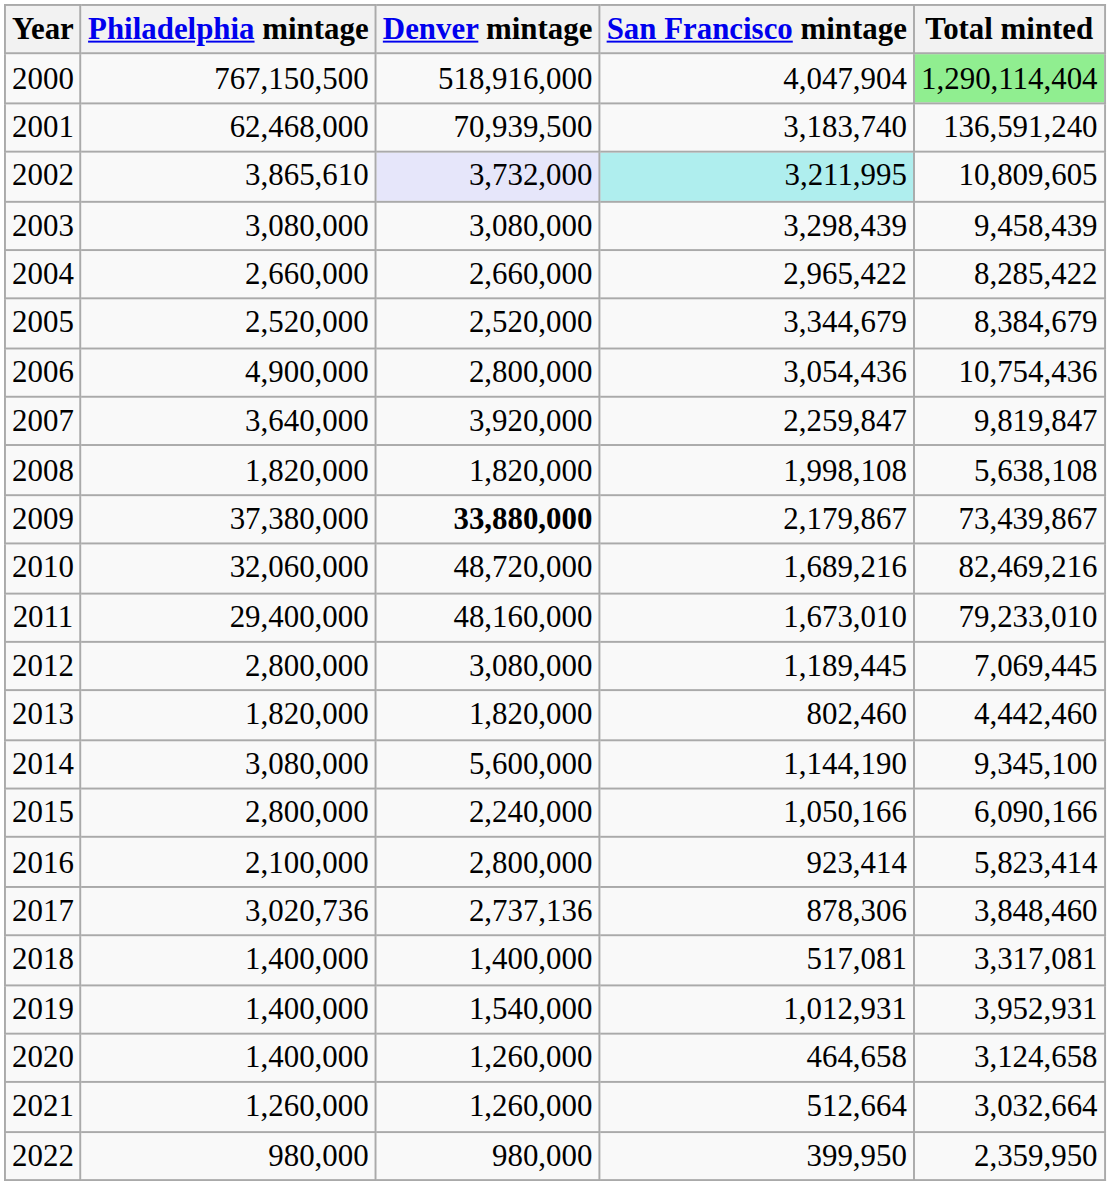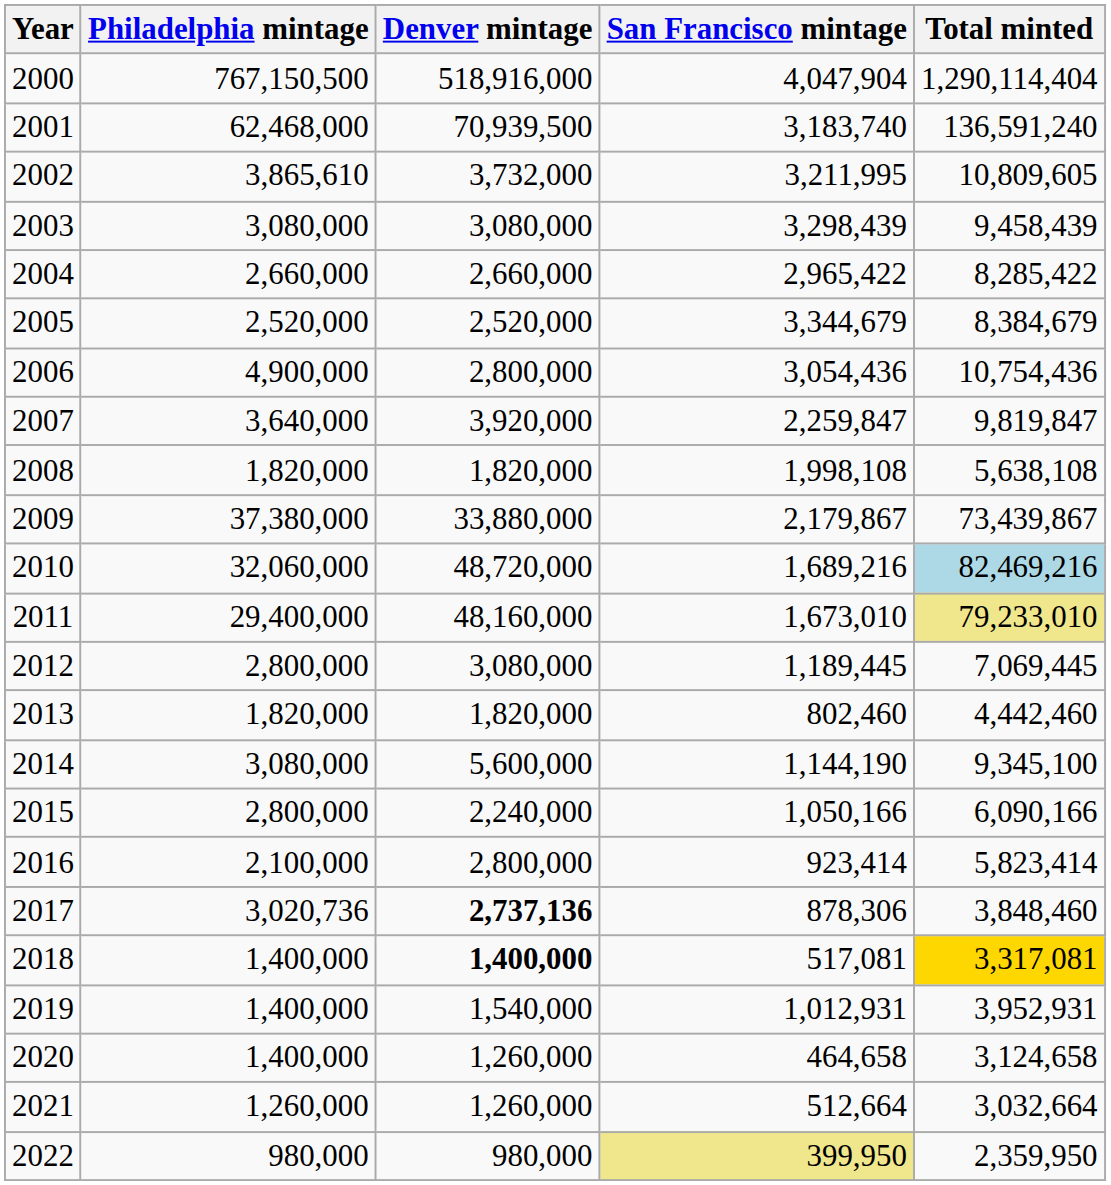 <table class="sortable wikitable">
 <tr>
 <th>Year</th>
 <th><a href='#'>Philadelphia</a> mintage</th>
 <th><a href='#'>Denver</a> mintage</th>
 <th><a href='#'>San Francisco</a> mintage</th>
 <th>Total minted</th>
 </tr>
 <tr>
 <td align=center>2000</td>
 <td align=right>767,150,500</td>
 <td align=right>518,916,000</td>
 <td align=right>4,047,904</td>
-<td align=right style="background: lightgreen;">1,290,114,404</td>
+<td align=right>1,290,114,404</td>
 </tr>
 <tr>
 <td align=center>2001</td>
 <td align=right>62,468,000</td>
 <td align=right>70,939,500</td>
 <td align=right>3,183,740</td>
 <td align=right>136,591,240</td>
 </tr>
 <tr>
 <td align=center>2002</td>
 <td align=right>3,865,610</td>
-<td align=right style="background: lavender;">3,732,000</td>
-<td align=right style="background: paleturquoise;">3,211,995</td>
+<td align=right>3,732,000</td>
+<td align=right>3,211,995</td>
 <td align=right>10,809,605</td>
 </tr>
 <tr>
 <td align=center>2003</td>
 <td align=right>3,080,000</td>
 <td align=right>3,080,000</td>
 <td align=right>3,298,439</td>
 <td align=right>9,458,439</td>
 </tr>
 <tr>
 <td align=center>2004</td>
 <td align=right>2,660,000</td>
 <td align=right>2,660,000</td>
 <td align=right>2,965,422</td>
 <td align=right>8,285,422</td>
 </tr>
 <tr>
 <td align=center>2005</td>
 <td align=right>2,520,000</td>
 <td align=right>2,520,000</td>
 <td align=right>3,344,679</td>
 <td align=right>8,384,679</td>
 </tr>
 <tr>
 <td align=center>2006</td>
 <td align=right>4,900,000</td>
 <td align=right>2,800,000</td>
 <td align=right>3,054,436</td>
 <td align=right>10,754,436</td>
 </tr>
 <tr>
 <td align=center>2007</td>
 <td align=right>3,640,000</td>
 <td align=right>3,920,000</td>
 <td align=right>2,259,847</td>
 <td align=right>9,819,847</td>
 </tr>
 <tr>
 <td align=center>2008</td>
 <td align=right>1,820,000</td>
 <td align=right>1,820,000</td>
 <td align=right>1,998,108</td>
 <td align=right>5,638,108</td>
 </tr>
 <tr>
 <td align=center>2009</td>
 <td align=right>37,380,000</td>
-<td align=right><strong>33,880,000</strong></td>
+<td align=right>33,880,000</td>
 <td align=right>2,179,867</td>
 <td align=right>73,439,867</td>
 </tr>
 <tr>
 <td align=center>2010</td>
 <td align=right>32,060,000</td>
 <td align=right>48,720,000</td>
 <td align=right>1,689,216</td>
-<td align=right>82,469,216</td>
+<td align=right style="background: lightblue;">82,469,216</td>
 </tr>
 <tr>
 <td align=center>2011</td>
 <td align=right>29,400,000</td>
 <td align=right>48,160,000</td>
 <td align=right>1,673,010</td>
-<td align=right>79,233,010</td>
+<td align=right style="background: khaki;">79,233,010</td>
 </tr>
 <tr>
 <td align=center>2012</td>
 <td align=right>2,800,000</td>
 <td align=right>3,080,000</td>
 <td align=right>1,189,445</td>
 <td align=right>7,069,445</td>
 </tr>
 <tr>
 <td align=center>2013</td>
 <td align=right>1,820,000</td>
 <td align=right>1,820,000</td>
 <td align=right>802,460</td>
 <td align=right>4,442,460</td>
 </tr>
 <tr>
 <td align=center>2014</td>
 <td align=right>3,080,000</td>
 <td align=right>5,600,000</td>
 <td align=right>1,144,190</td>
 <td align=right>9,345,100</td>
 </tr>
 <tr>
 <td align=center>2015</td>
 <td align=right>2,800,000</td>
 <td align=right>2,240,000</td>
 <td align=right>1,050,166</td>
 <td align=right>6,090,166</td>
 </tr>
 <tr>
 <td align=center>2016</td>
 <td align=right>2,100,000</td>
 <td align=right>2,800,000</td>
 <td align=right>923,414</td>
 <td align=right>5,823,414</td>
 </tr>
 <tr>
 <td align=center>2017</td>
 <td align=right>3,020,736</td>
-<td align=right>2,737,136</td>
+<td align=right><strong>2,737,136</strong></td>
 <td align=right>878,306</td>
 <td align=right>3,848,460</td>
 </tr>
 <tr>
 <td align=center>2018</td>
 <td align=right>1,400,000</td>
-<td align=right>1,400,000</td>
+<td align=right><strong>1,400,000</strong></td>
 <td align=right>517,081</td>
-<td align=right>3,317,081</td>
+<td align=right style="background: gold;">3,317,081</td>
 </tr>
 <tr>
 <td align=center>2019</td>
 <td align=right>1,400,000</td>
 <td align=right>1,540,000</td>
 <td align=right>1,012,931</td>
 <td align=right>3,952,931</td>
 </tr>
 <tr>
 <td align=center>2020</td>
 <td align=right>1,400,000</td>
 <td align="right">1,260,000</td>
 <td align=right>464,658</td>
 <td align=right>3,124,658</td>
 </tr>
 <tr>
 <td align=center>2021</td>
 <td align=right>1,260,000</td>
 <td align="right">1,260,000</td>
 <td align=right>512,664</td>
 <td align=right>3,032,664</td>
 </tr>
 <tr>
 <td align=center>2022</td>
 <td align=right>980,000</td>
 <td align="right">980,000</td>
-<td align=right>399,950</td>
+<td align=right style="background: khaki;">399,950</td>
 <td align=right>2,359,950</td>
 </tr>
 <tr>
 </tr>
 </table>
